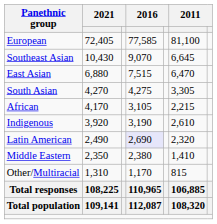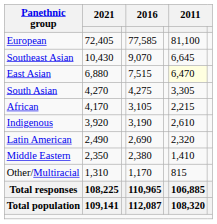 <table class="wikitable collapsible sortable">
 <tr>
 <th rowspan="2"><a href='#'>Panethnic</a><br>group</th>
 <th colspan="2">2021</th>
 <th colspan="2">2016</th>
 <th colspan="2">2011</th>
 </tr>
 <tr>
 <th><a href='#'></a></th>
 <th></th>
 <th></th>
 <th></th>
 <th></th>
 <th></th>
 </tr>
 <tr>
 <td><a href='#'>European</a></td>
 <td>72,405</td>
 <td></td>
 <td>77,585</td>
 <td></td>
 <td>81,100</td>
 <td></td>
 </tr>
 <tr>
 <td><a href='#'>Southeast Asian</a></td>
 <td>10,430</td>
 <td></td>
 <td>9,070</td>
 <td></td>
 <td>6,645</td>
 <td></td>
 </tr>
 <tr>
 <td><a href='#'>East Asian</a></td>
 <td>6,880</td>
 <td></td>
 <td>7,515</td>
 <td></td>
-<td>6,470</td>
+<td style="background: lightyellow;">6,470</td>
 <td></td>
 </tr>
 <tr>
 <td><a href='#'>South Asian</a></td>
 <td>4,270</td>
 <td></td>
 <td>4,275</td>
 <td></td>
 <td>3,305</td>
 <td></td>
 </tr>
 <tr>
 <td><a href='#'>African</a></td>
 <td>4,170</td>
 <td></td>
 <td>3,105</td>
 <td></td>
 <td>2,215</td>
 <td></td>
 </tr>
 <tr>
 <td><a href='#'>Indigenous</a></td>
 <td>3,920</td>
 <td></td>
 <td>3,190</td>
 <td></td>
 <td>2,610</td>
 <td></td>
 </tr>
 <tr>
 <td><a href='#'>Latin American</a></td>
 <td>2,490</td>
 <td></td>
-<td style="background: lavender;">2,690</td>
+<td>2,690</td>
 <td></td>
 <td>2,320</td>
 <td></td>
 </tr>
 <tr>
 <td><a href='#'>Middle Eastern</a></td>
 <td>2,350</td>
 <td></td>
 <td>2,380</td>
 <td></td>
 <td>1,410</td>
 <td></td>
 </tr>
 <tr>
 <td>Other/<a href='#'>Multiracial</a></td>
 <td>1,310</td>
 <td></td>
 <td>1,170</td>
 <td></td>
 <td>815</td>
 <td></td>
 </tr>
 <tr>
 <th>Total responses</th>
 <th>108,225</th>
 <th></th>
 <th>110,965</th>
 <th></th>
 <th>106,885</th>
 <th></th>
 </tr>
 <tr>
 <th>Total population</th>
 <th>109,141</th>
 <th></th>
 <th>112,087</th>
 <th></th>
 <th>108,320</th>
 <th></th>
 </tr>
 <tr class="sortbottom">
 <td colspan="15"></td>
 </tr>
 </table>
